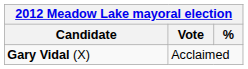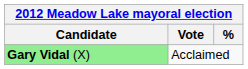 <table class="wikitable">
 <tr>
 <th colspan="3"><a href='#'>2012 Meadow Lake mayoral election</a></th>
 </tr>
 <tr>
 <th bgcolor="#DDDDFF" width="200px">Candidate</th>
 <th bgcolor="#DDDDFF" width="50px">Vote</th>
 <th bgcolor="#DDDDFF" width="30px">%</th>
 </tr>
 <tr>
-<td><strong>Gary Vidal</strong> (X)</td>
+<td style="background: lightgreen;"><strong>Gary Vidal</strong> (X)</td>
 <td colspan="2">Acclaimed</td>
 </tr>
 </table>
